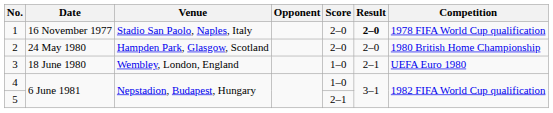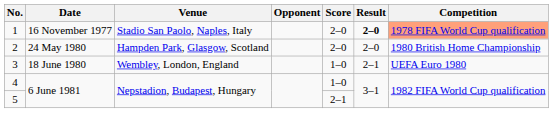 <table class="wikitable sortable">
 <tr>
 <th scope="col">No.</th>
 <th scope="col">Date</th>
 <th scope="col">Venue</th>
 <th scope="col">Opponent</th>
 <th scope="col">Score</th>
 <th scope="col">Result</th>
 <th scope="col">Competition</th>
 </tr>
 <tr>
 <td align="center">1</td>
 <td>16 November 1977</td>
 <td><a href='#'>Stadio San Paolo</a>, <a href='#'>Naples</a>, Italy</td>
 <td></td>
 <td align="center">2–0</td>
 <td align="center"><strong>2–0</strong></td>
-<td><a href='#'>1978 FIFA World Cup qualification</a></td>
+<td style="background: lightsalmon;"><a href='#'>1978 FIFA World Cup qualification</a></td>
 </tr>
 <tr>
 <td align="center">2</td>
 <td>24 May 1980</td>
 <td><a href='#'>Hampden Park</a>, <a href='#'>Glasgow</a>, Scotland</td>
 <td></td>
 <td align="center">2–0</td>
 <td align="center">2–0</td>
 <td><a href='#'>1980 British Home Championship</a></td>
 </tr>
 <tr>
 <td align="center">3</td>
 <td>18 June 1980</td>
 <td><a href='#'>Wembley</a>, London, England</td>
 <td></td>
 <td align="center">1–0</td>
 <td align="center">2–1</td>
 <td><a href='#'>UEFA Euro 1980</a></td>
 </tr>
 <tr>
 <td align="center">4</td>
 <td rowspan="2">6 June 1981</td>
 <td rowspan="2"><a href='#'>Nepstadion</a>, <a href='#'>Budapest</a>, Hungary</td>
 <td rowspan="2"></td>
 <td align="center">1–0</td>
 <td rowspan="2" align="center">3–1</td>
 <td rowspan="2"><a href='#'>1982 FIFA World Cup qualification</a></td>
 </tr>
 <tr>
 <td align="center">5</td>
 <td align="center">2–1</td>
 </tr>
 </table>
